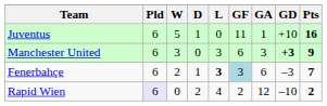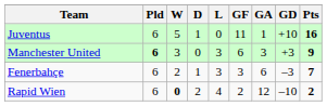 <table class="wikitable" style="text-align:center">
 <tr>
 </tr>
 <tr>
 <th width=175>Team</th>
 <th width=20>Pld</th>
 <th width=20>W</th>
 <th width=20>D</th>
 <th width=20>L</th>
 <th width=20>GF</th>
 <th width=20>GA</th>
 <th width=20>GD</th>
 <th width=20>Pts</th>
 </tr>
 <tr style="background:#cfc;">
 <td align="left"> <a href='#'>Juventus</a></td>
 <td>6</td>
 <td>5</td>
 <td>1</td>
 <td>0</td>
 <td>11</td>
 <td>1</td>
 <td>+10</td>
 <td><strong>16</strong></td>
 </tr>
 <tr style="background:#cfc;">
 <td align="left"> <a href='#'>Manchester United</a></td>
-<td>6</td>
+<td><strong>6</strong></td>
 <td>3</td>
 <td>0</td>
 <td>3</td>
 <td>6</td>
 <td>3</td>
-<td><strong>+3</strong></td>
+<td>+3</td>
 <td><strong>9</strong></td>
 </tr>
 <tr>
 <td align="left"> <a href='#'>Fenerbahçe</a></td>
 <td>6</td>
 <td>2</td>
 <td>1</td>
-<td><strong>3</strong></td>
-<td style="background: lightblue;">3</td>
+<td>3</td>
+<td>3</td>
 <td>6</td>
 <td>–3</td>
 <td><strong>7</strong></td>
 </tr>
 <tr>
 <td align="left"> <a href='#'>Rapid Wien</a></td>
-<td style="background: lavender;">6</td>
-<td>0</td>
+<td>6</td>
+<td><strong>0</strong></td>
 <td>2</td>
 <td>4</td>
 <td>2</td>
 <td>12</td>
 <td>–10</td>
 <td><strong>2</strong></td>
 </tr>
 </table>
